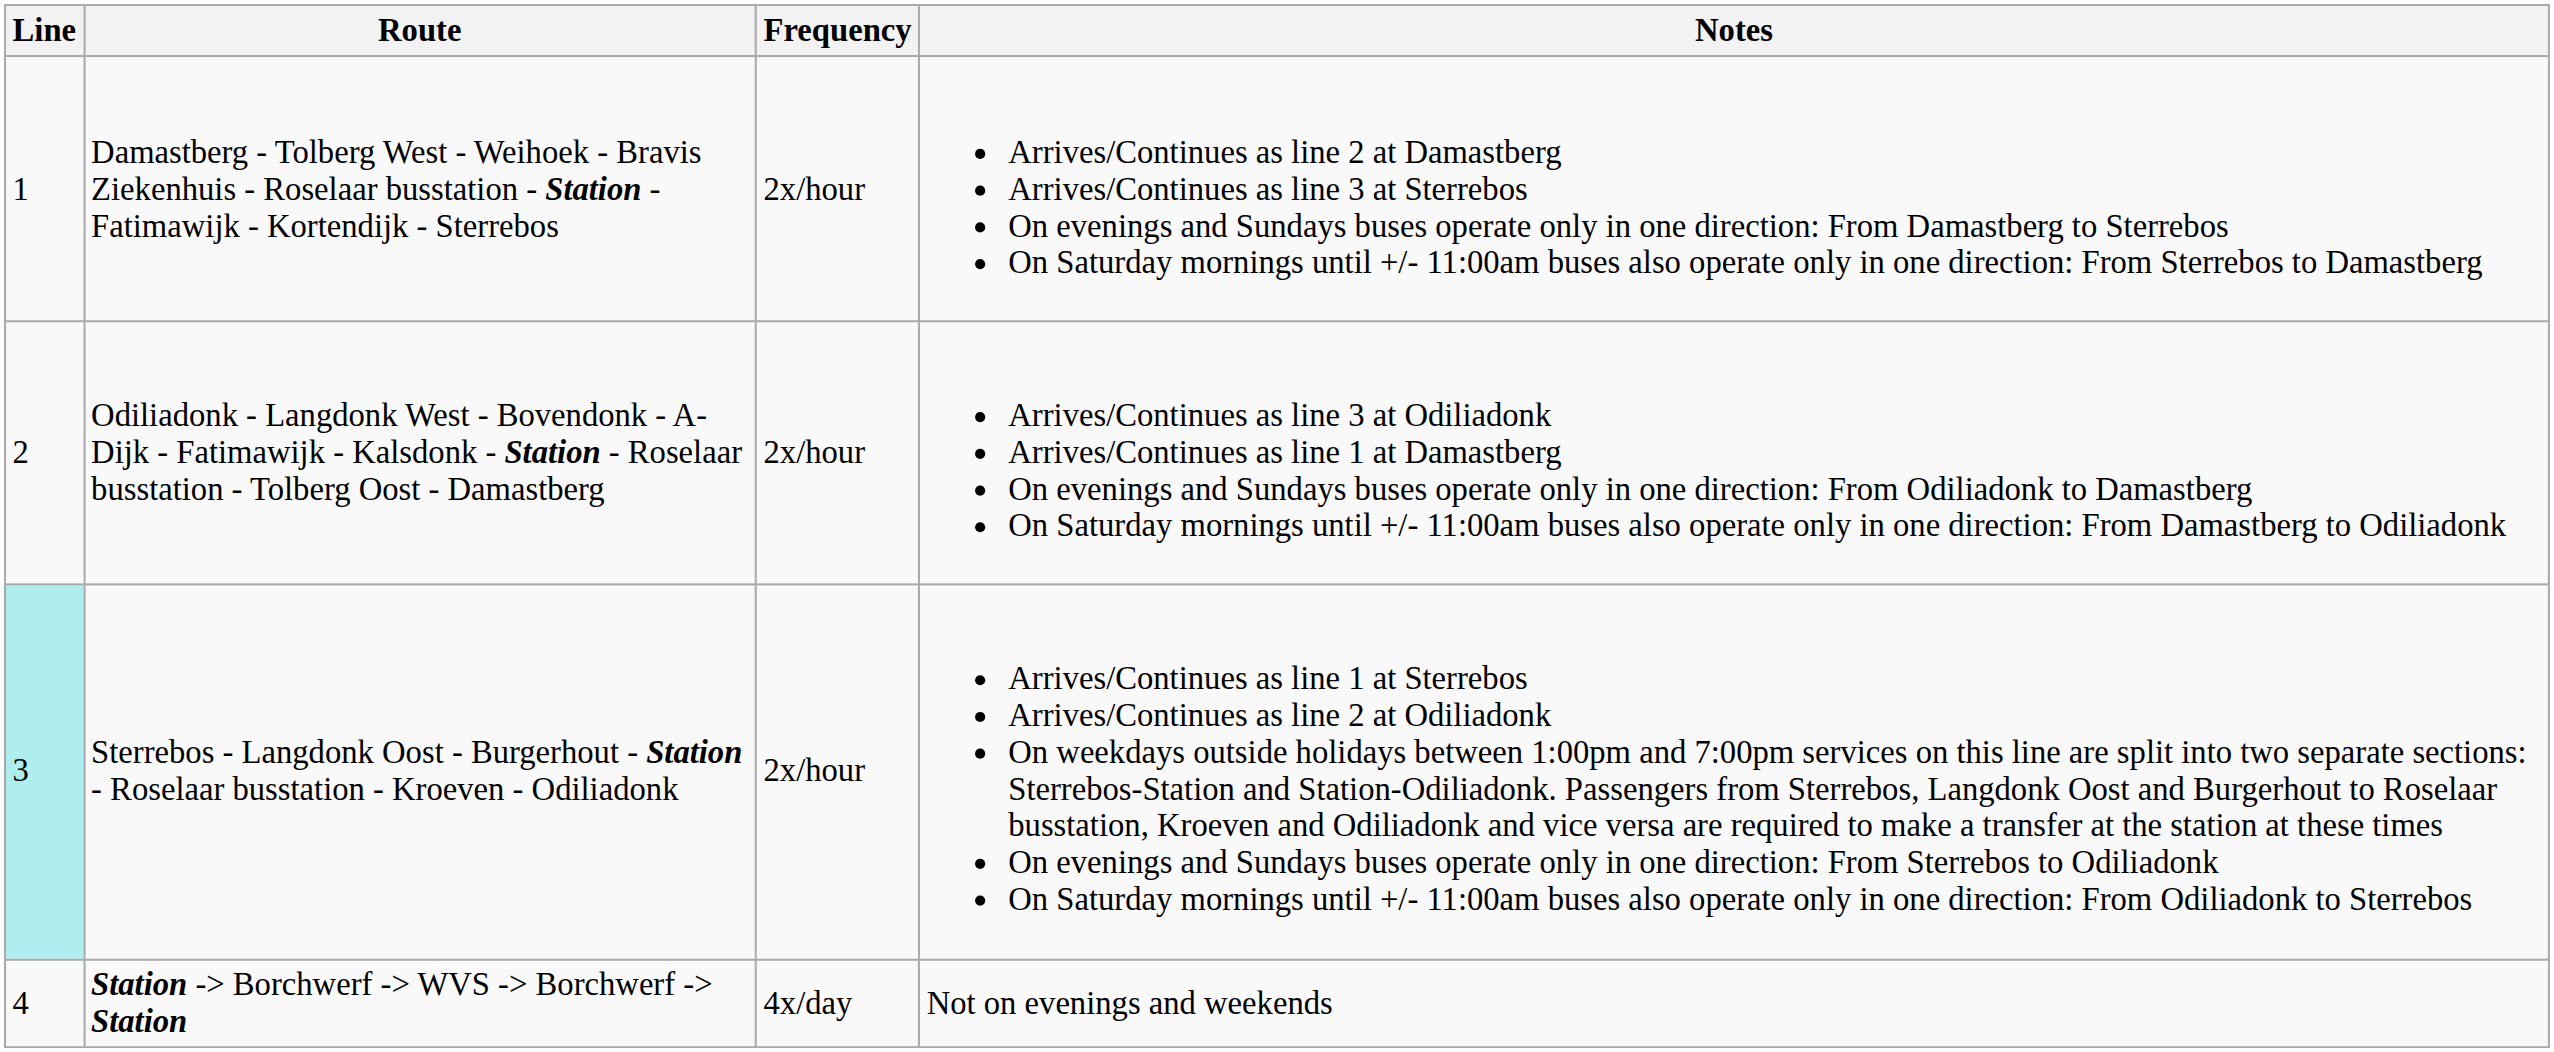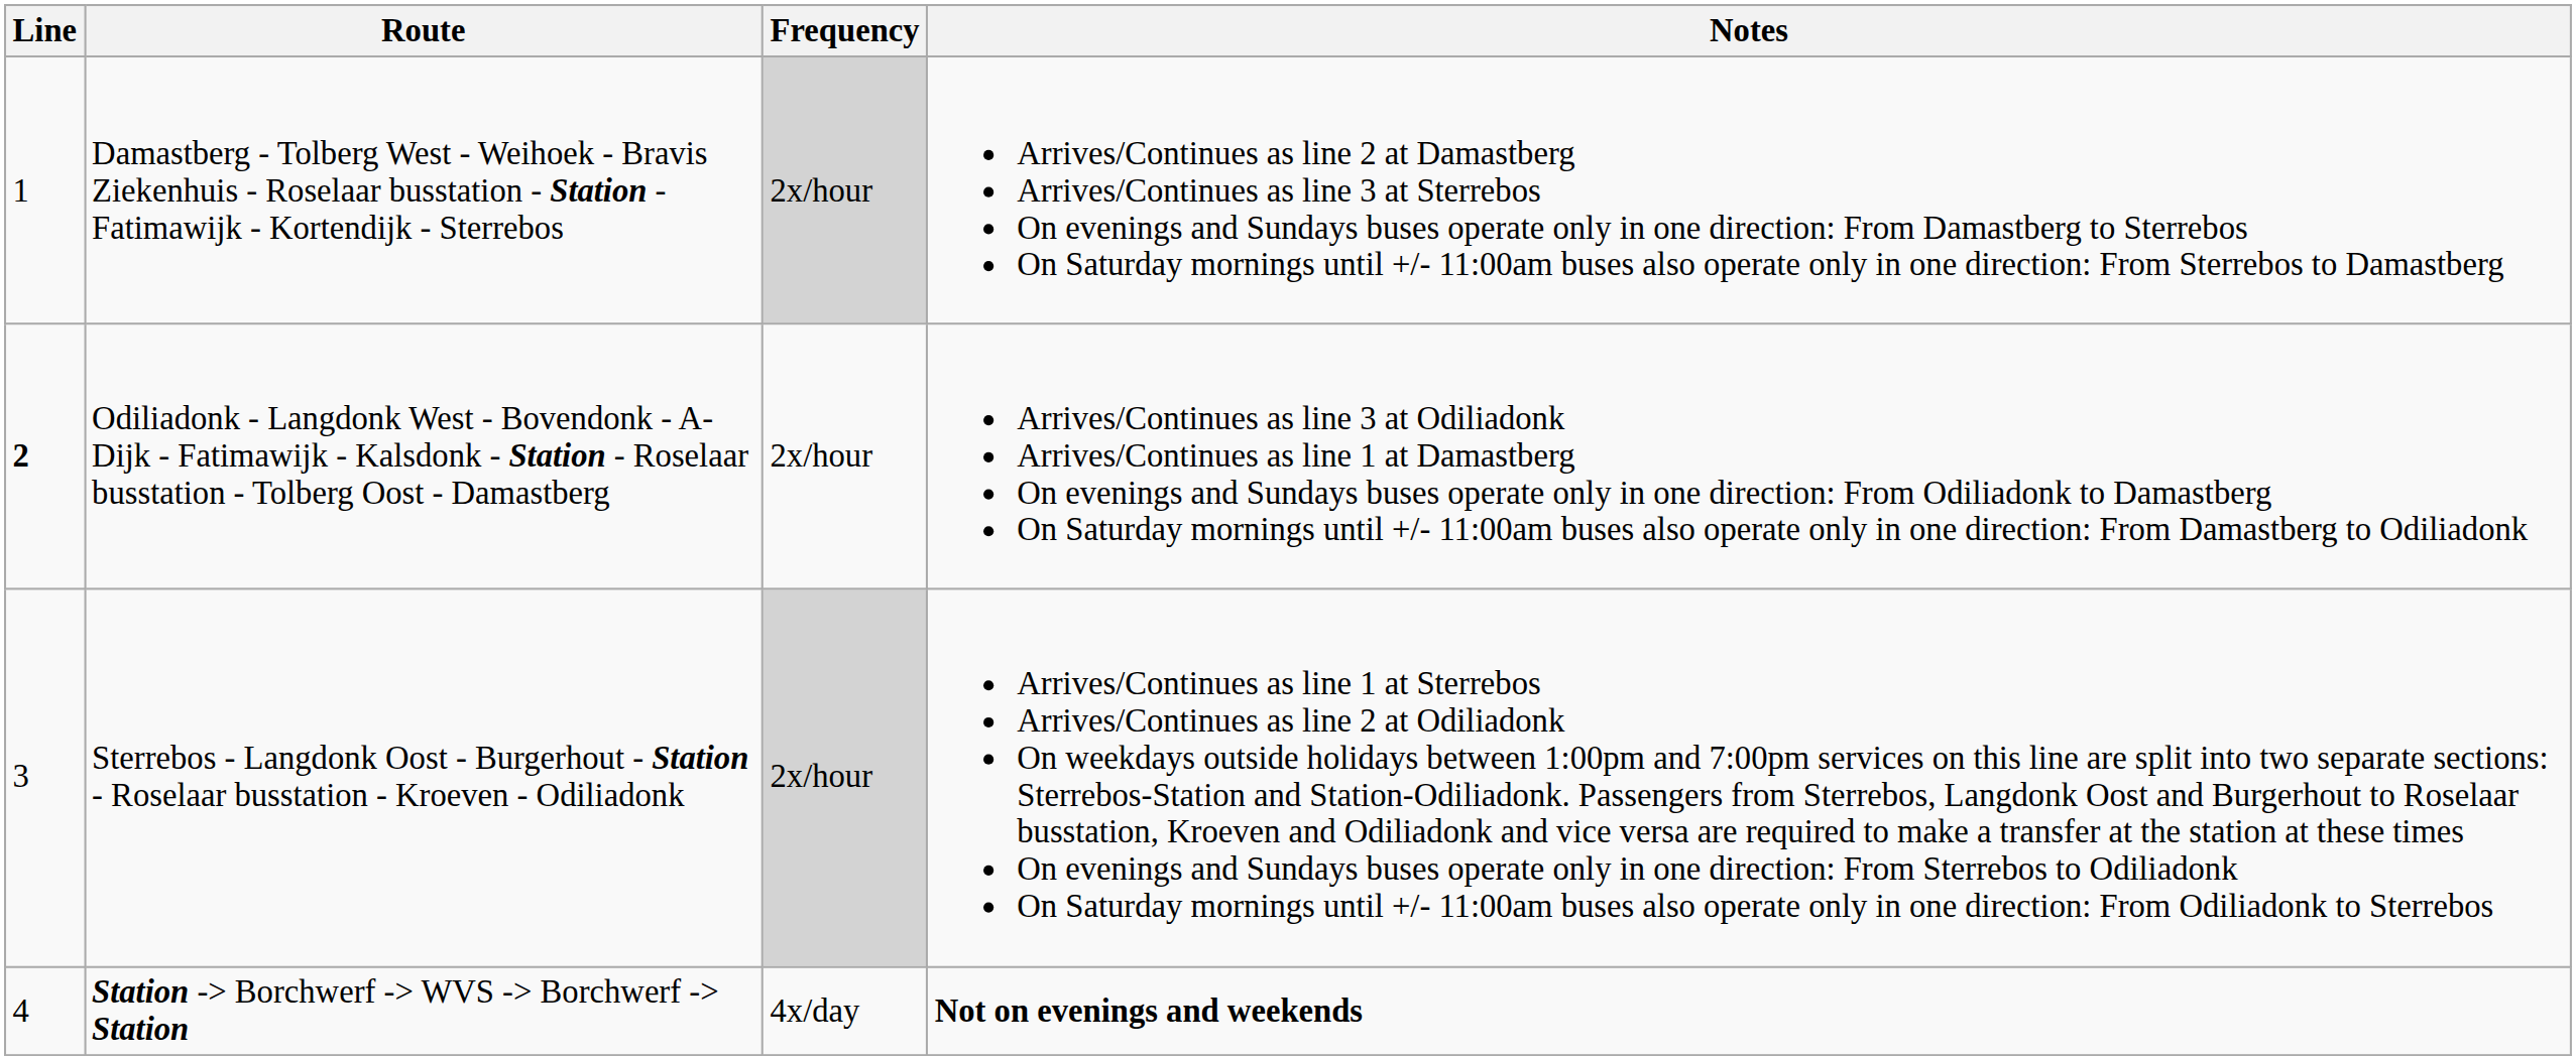 <table class="wikitable vatop">
 <tr>
 <th>Line</th>
 <th>Route</th>
 <th>Frequency</th>
 <th>Notes</th>
 </tr>
 <tr>
 <td>1</td>
 <td>Damastberg - Tolberg West - Weihoek - Bravis Ziekenhuis - Roselaar busstation - <strong><em>Station</em></strong> - Fatimawijk - Kortendijk - Sterrebos</td>
-<td>2x/hour</td>
+<td style="background: lightgrey;">2x/hour</td>
 <td><br><ul><li>Arrives/Continues as line 2 at Damastberg</li><li>Arrives/Continues as line 3 at Sterrebos</li><li>On evenings and Sundays buses operate only in one direction: From Damastberg to Sterrebos</li><li>On Saturday mornings until +/- 11:00am buses also operate only in one direction: From Sterrebos to Damastberg</li></ul></td>
 </tr>
 <tr>
-<td>2</td>
+<td><strong>2</strong></td>
 <td>Odiliadonk - Langdonk West - Bovendonk - A-Dijk - Fatimawijk - Kalsdonk - <strong><em>Station</em></strong> - Roselaar busstation - Tolberg Oost - Damastberg</td>
 <td>2x/hour</td>
 <td><br><ul><li>Arrives/Continues as line 3 at Odiliadonk</li><li>Arrives/Continues as line 1 at Damastberg</li><li>On evenings and Sundays buses operate only in one direction: From Odiliadonk to Damastberg</li><li>On Saturday mornings until +/- 11:00am buses also operate only in one direction: From Damastberg to Odiliadonk</li></ul></td>
 </tr>
 <tr>
-<td style="background: paleturquoise;">3</td>
+<td>3</td>
 <td>Sterrebos - Langdonk Oost - Burgerhout - <strong><em>Station</em></strong> - Roselaar busstation - Kroeven - Odiliadonk</td>
-<td>2x/hour</td>
+<td style="background: lightgrey;">2x/hour</td>
 <td><br><ul><li>Arrives/Continues as line 1 at Sterrebos</li><li>Arrives/Continues as line 2 at Odiliadonk</li><li>On weekdays outside holidays between 1:00pm and 7:00pm services on this line are split into two separate sections: Sterrebos-Station and Station-Odiliadonk. Passengers from Sterrebos, Langdonk Oost and Burgerhout to Roselaar busstation, Kroeven and Odiliadonk and vice versa are required to make a transfer at the station at these times</li><li>On evenings and Sundays buses operate only in one direction: From Sterrebos to Odiliadonk</li><li>On Saturday mornings until +/- 11:00am buses also operate only in one direction: From Odiliadonk to Sterrebos</li></ul></td>
 </tr>
 <tr>
 <td>4</td>
 <td><strong><em>Station</em></strong> -> Borchwerf -> WVS -> Borchwerf -> <strong><em>Station</em></strong></td>
 <td>4x/day</td>
-<td>Not on evenings and weekends</td>
+<td><strong>Not on evenings and weekends</strong></td>
 </tr>
 <tr>
 </tr>
 </table>
